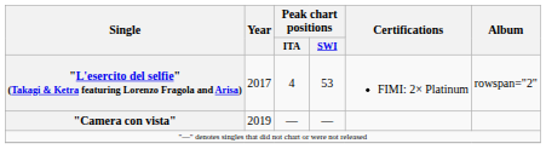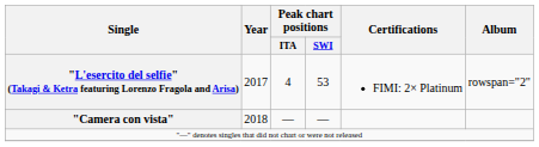 <table class="wikitable plainrowheaders" style="text-align:center;">
 <tr>
 <th scope="col" rowspan="2">Single</th>
 <th scope="col" rowspan="2">Year</th>
 <th scope="col" colspan="2">Peak chart positions</th>
 <th scope="col" rowspan="2">Certifications</th>
 <th scope="col" rowspan="2">Album</th>
 </tr>
 <tr>
 <th scope="col" style="width:3em;font-size:85%;">ITA<br></th>
 <th scope="col" style="width:3em;font-size:85%;"><a href='#'>SWI</a><br></th>
 </tr>
 <tr>
 <th scope="row">"<a href='#'>L'esercito del selfie</a>"<br><small>(<a href='#'>Takagi & Ketra</a> featuring Lorenzo Fragola and <a href='#'>Arisa</a>)</small></th>
 <td>2017</td>
 <td>4</td>
 <td>53</td>
 <td><br><ul><li>FIMI: 2× Platinum</li></ul></td>
 <td>rowspan="2" </td>
 </tr>
 <tr>
 <th scope="row">"Camera con vista"<br></th>
-<td>2019</td>
+<td>2018</td>
 <td>—</td>
 <td>—</td>
 <td></td>
 </tr>
 <tr>
 <td align="center" colspan="30" style="font-size:8pt">"—" denotes singles that did not chart or were not released</td>
 </tr>
 <tr>
 </tr>
 </table>
